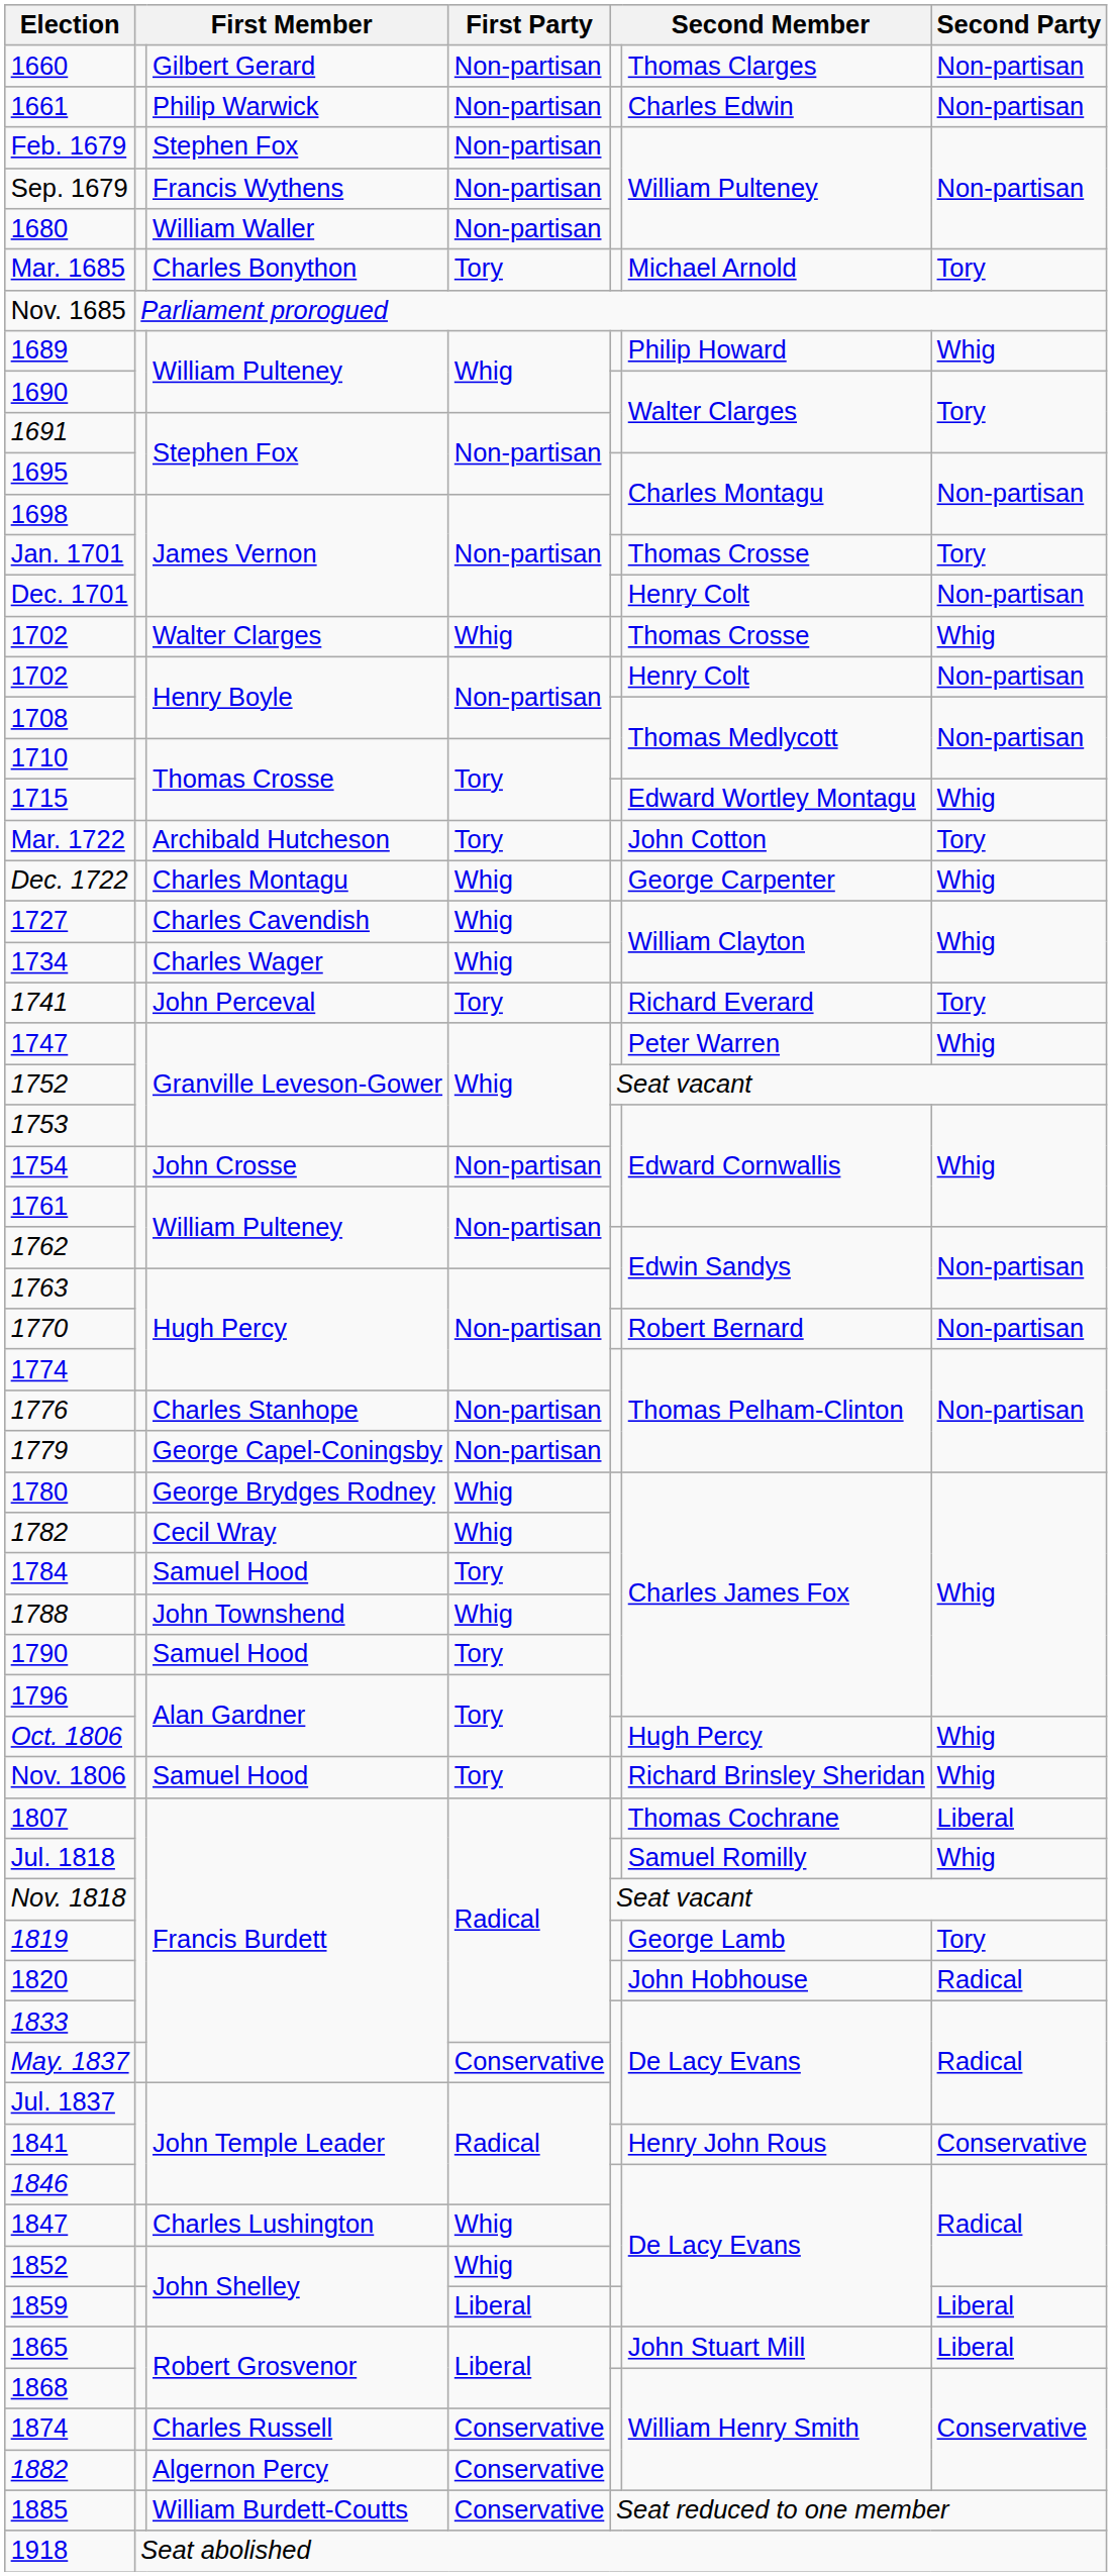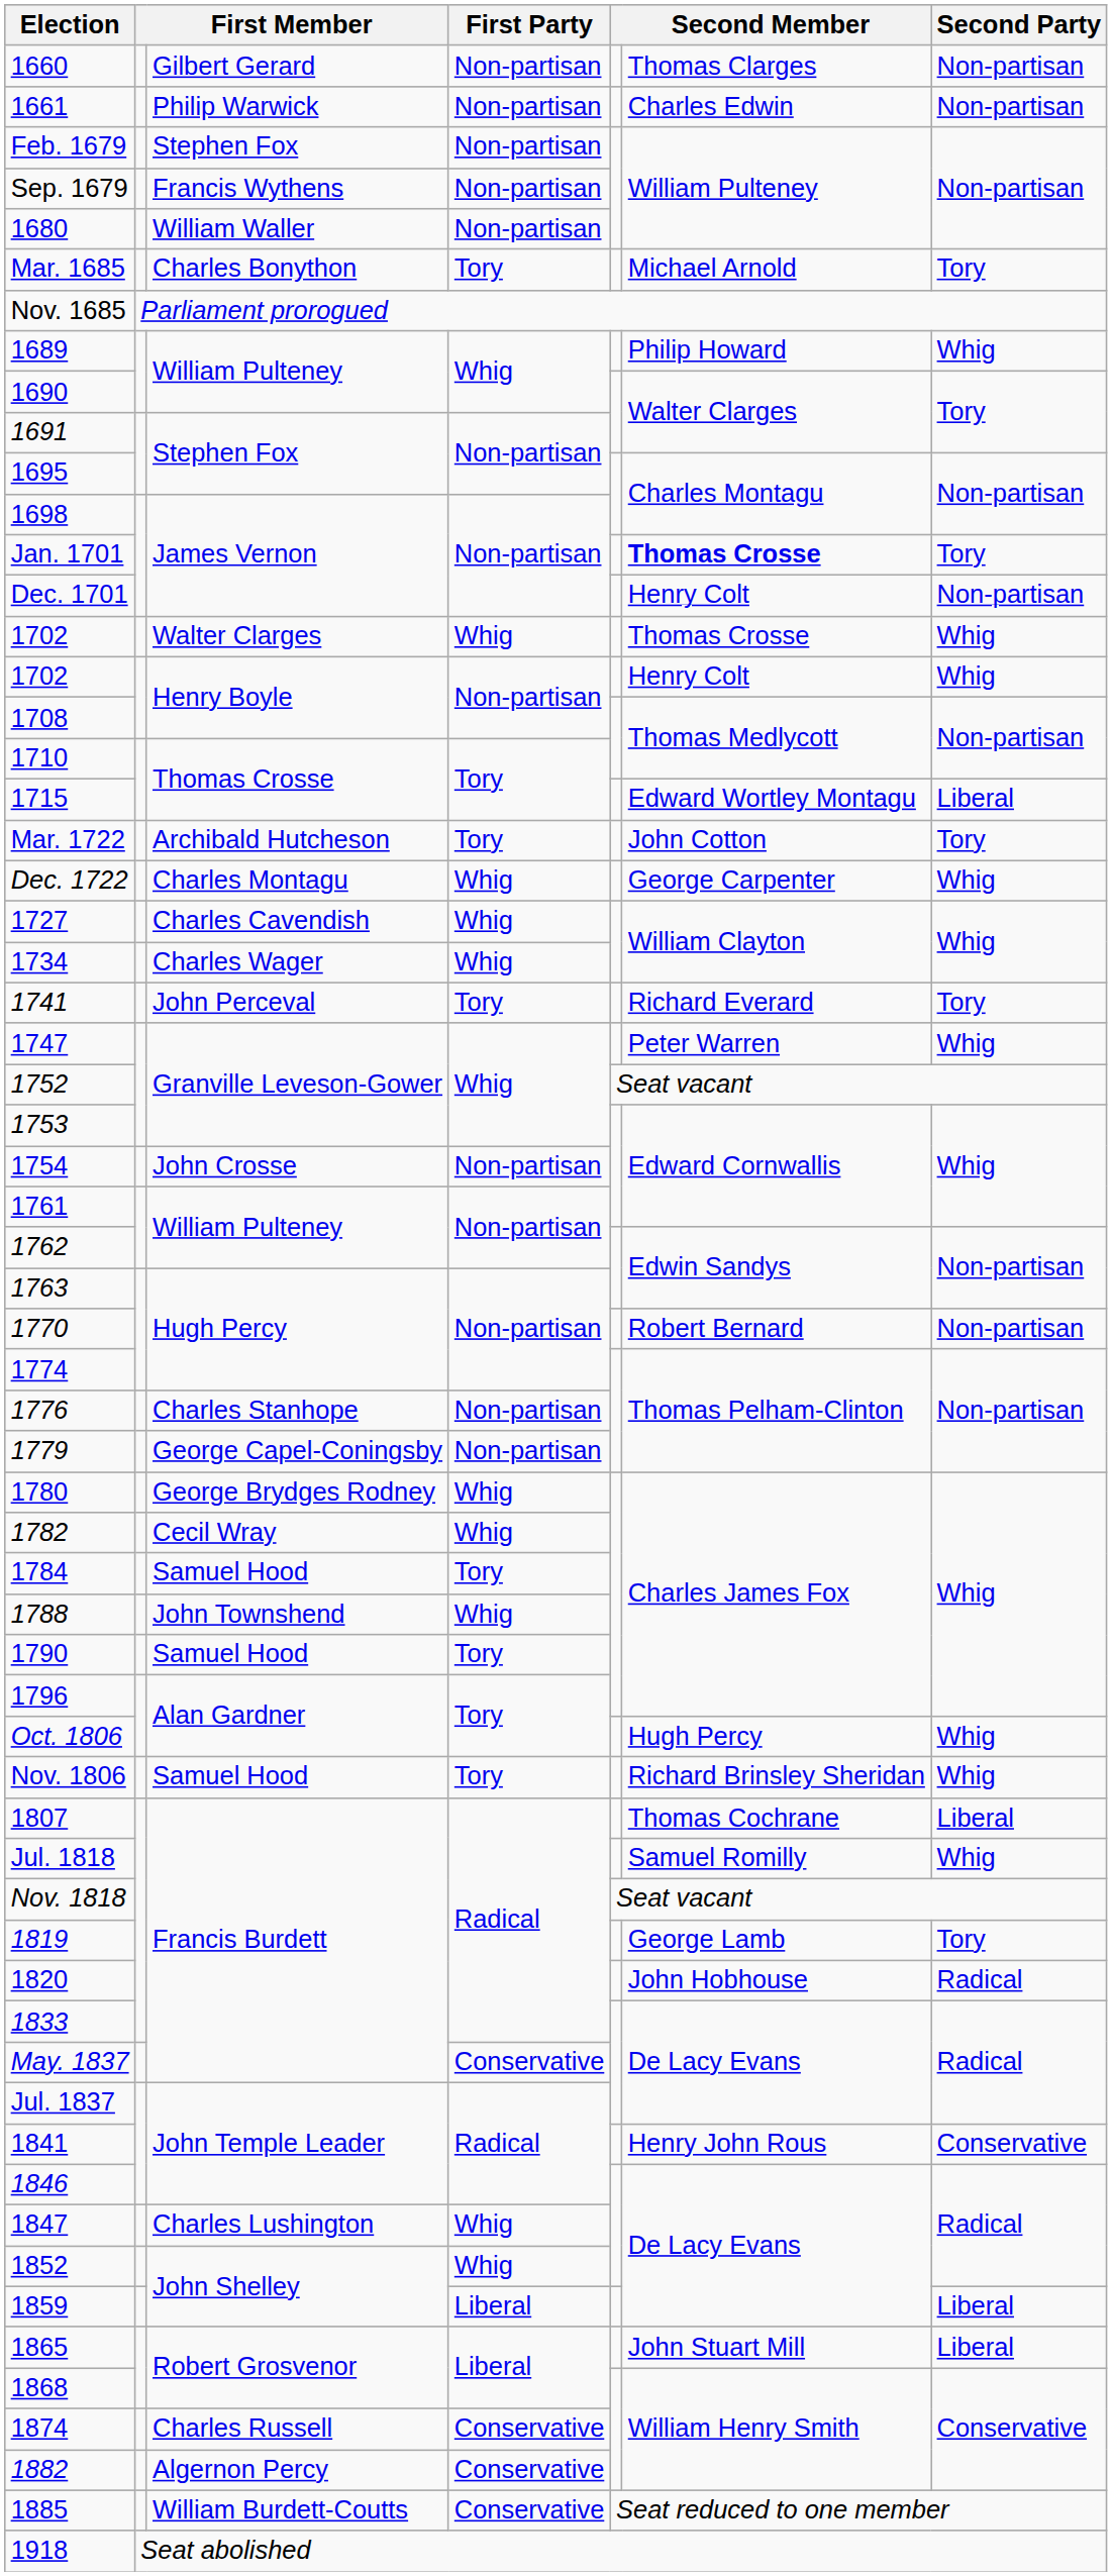 <table class="wikitable">
 <tr>
 <th>Election</th>
 <th colspan="2">First Member</th>
 <th>First Party</th>
 <th colspan="2">Second Member</th>
 <th>Second Party</th>
 </tr>
 <tr>
 <td><a href='#'>1660</a></td>
 <td style="color:inherit;background-color: "></td>
 <td><a href='#'>Gilbert Gerard</a></td>
 <td><a href='#'>Non-partisan</a></td>
 <td style="color:inherit;background-color: "></td>
 <td><a href='#'>Thomas Clarges</a></td>
 <td><a href='#'>Non-partisan</a></td>
 </tr>
 <tr>
 <td><a href='#'>1661</a></td>
 <td style="color:inherit;background-color: "></td>
 <td><a href='#'>Philip Warwick</a></td>
 <td><a href='#'>Non-partisan</a></td>
 <td style="color:inherit;background-color: "></td>
 <td><a href='#'>Charles Edwin</a></td>
 <td><a href='#'>Non-partisan</a></td>
 </tr>
 <tr>
 <td><a href='#'>Feb. 1679</a></td>
 <td style="color:inherit;background-color: "></td>
 <td><a href='#'>Stephen Fox</a></td>
 <td><a href='#'>Non-partisan</a></td>
 <td rowspan="3" style="color:inherit;background-color: "></td>
 <td rowspan="3"><a href='#'>William Pulteney</a></td>
 <td rowspan="3"><a href='#'>Non-partisan</a></td>
 </tr>
 <tr>
 <td>Sep. 1679</td>
 <td style="color:inherit;background-color: "></td>
 <td><a href='#'>Francis Wythens</a></td>
 <td><a href='#'>Non-partisan</a></td>
 </tr>
 <tr>
 <td><a href='#'>1680</a></td>
 <td style="color:inherit;background-color: "></td>
 <td><a href='#'>William Waller</a></td>
 <td><a href='#'>Non-partisan</a></td>
 </tr>
 <tr>
 <td><a href='#'>Mar. 1685</a></td>
 <td style="color:inherit;background-color: "></td>
 <td><a href='#'>Charles Bonython</a></td>
 <td><a href='#'>Tory</a></td>
 <td style="color:inherit;background-color: "></td>
 <td><a href='#'>Michael Arnold</a></td>
 <td><a href='#'>Tory</a></td>
 </tr>
 <tr>
 <td>Nov. 1685</td>
 <td colspan="6"><em><a href='#'>Parliament prorogued</a></em></td>
 </tr>
 <tr>
 <td><a href='#'>1689</a></td>
 <td rowspan="2" style="color:inherit;background-color: "></td>
 <td rowspan="2"><a href='#'>William Pulteney</a></td>
 <td rowspan="2"><a href='#'>Whig</a></td>
 <td style="color:inherit;background-color: "></td>
 <td><a href='#'>Philip Howard</a></td>
 <td><a href='#'>Whig</a></td>
 </tr>
 <tr>
 <td><a href='#'>1690</a></td>
 <td rowspan="2" style="color:inherit;background-color: "></td>
 <td rowspan="2"><a href='#'>Walter Clarges</a></td>
 <td rowspan="2"><a href='#'>Tory</a></td>
 </tr>
 <tr>
 <td><em>1691</em></td>
 <td rowspan="2" style="color:inherit;background-color: "></td>
 <td rowspan="2"><a href='#'>Stephen Fox</a></td>
 <td rowspan="2"><a href='#'>Non-partisan</a></td>
 </tr>
 <tr>
 <td><a href='#'>1695</a></td>
 <td rowspan="2" style="color:inherit;background-color: "></td>
 <td rowspan="2"><a href='#'>Charles Montagu</a></td>
 <td rowspan="2"><a href='#'>Non-partisan</a></td>
 </tr>
 <tr>
 <td><a href='#'>1698</a></td>
 <td rowspan="3" style="color:inherit;background-color: "></td>
 <td rowspan="3"><a href='#'>James Vernon</a></td>
 <td rowspan="3"><a href='#'>Non-partisan</a></td>
 </tr>
 <tr>
 <td><a href='#'>Jan. 1701</a></td>
 <td style="color:inherit;background-color: "></td>
-<td><a href='#'>Thomas Crosse</a></td>
+<td><strong><a href='#'>Thomas Crosse</a></strong></td>
 <td><a href='#'>Tory</a></td>
 </tr>
 <tr>
 <td><a href='#'>Dec. 1701</a></td>
 <td style="color:inherit;background-color: "></td>
 <td><a href='#'>Henry Colt</a></td>
 <td><a href='#'>Non-partisan</a></td>
 </tr>
 <tr>
 <td><a href='#'>1702</a></td>
 <td style="color:inherit;background-color: "></td>
 <td><a href='#'>Walter Clarges</a></td>
 <td><a href='#'>Whig</a></td>
 <td style="color:inherit;background-color: "></td>
 <td><a href='#'>Thomas Crosse</a></td>
 <td><a href='#'>Whig</a></td>
 </tr>
 <tr>
 <td><a href='#'>1702</a></td>
 <td rowspan="2" style="color:inherit;background-color: "></td>
 <td rowspan="2"><a href='#'>Henry Boyle</a></td>
 <td rowspan="2"><a href='#'>Non-partisan</a></td>
 <td style="color:inherit;background-color: "></td>
 <td><a href='#'>Henry Colt</a></td>
-<td><a href='#'>Non-partisan</a></td>
+<td><a href='#'>Whig</a></td>
 </tr>
 <tr>
 <td><a href='#'>1708</a></td>
 <td rowspan="2" style="color:inherit;background-color: "></td>
 <td rowspan="2"><a href='#'>Thomas Medlycott</a></td>
 <td rowspan="2"><a href='#'>Non-partisan</a></td>
 </tr>
 <tr>
 <td><a href='#'>1710</a></td>
 <td rowspan="2" style="color:inherit;background-color: "></td>
 <td rowspan="2"><a href='#'>Thomas Crosse</a></td>
 <td rowspan="2"><a href='#'>Tory</a></td>
 </tr>
 <tr>
 <td><a href='#'>1715</a></td>
 <td style="color:inherit;background-color: "></td>
 <td><a href='#'>Edward Wortley Montagu</a></td>
-<td><a href='#'>Whig</a></td>
+<td><a href='#'>Liberal</a></td>
 </tr>
 <tr>
 <td><a href='#'>Mar. 1722</a></td>
 <td style="color:inherit;background-color: "></td>
 <td><a href='#'>Archibald Hutcheson</a></td>
 <td><a href='#'>Tory</a></td>
 <td style="color:inherit;background-color: "></td>
 <td><a href='#'>John Cotton</a></td>
 <td><a href='#'>Tory</a></td>
 </tr>
 <tr>
 <td><em>Dec. 1722</em></td>
 <td style="color:inherit;background-color: "></td>
 <td><a href='#'>Charles Montagu</a></td>
 <td><a href='#'>Whig</a></td>
 <td style="color:inherit;background-color: "></td>
 <td><a href='#'>George Carpenter</a></td>
 <td><a href='#'>Whig</a></td>
 </tr>
 <tr>
 <td><a href='#'>1727</a></td>
 <td style="color:inherit;background-color: "></td>
 <td><a href='#'>Charles Cavendish</a></td>
 <td><a href='#'>Whig</a></td>
 <td rowspan="2" style="color:inherit;background-color: "></td>
 <td rowspan="2"><a href='#'>William Clayton</a></td>
 <td rowspan="2"><a href='#'>Whig</a></td>
 </tr>
 <tr>
 <td><a href='#'>1734</a></td>
 <td style="color:inherit;background-color: "></td>
 <td><a href='#'>Charles Wager</a></td>
 <td><a href='#'>Whig</a></td>
 </tr>
 <tr>
 <td><em>1741</em></td>
 <td style="color:inherit;background-color: "></td>
 <td><a href='#'>John Perceval</a></td>
 <td><a href='#'>Tory</a></td>
 <td style="color:inherit;background-color: "></td>
 <td><a href='#'>Richard Everard</a></td>
 <td><a href='#'>Tory</a></td>
 </tr>
 <tr>
 <td><a href='#'>1747</a></td>
 <td rowspan="3" style="color:inherit;background-color: "></td>
 <td rowspan="3"><a href='#'>Granville Leveson-Gower</a></td>
 <td rowspan="3"><a href='#'>Whig</a></td>
 <td style="color:inherit;background-color: "></td>
 <td><a href='#'>Peter Warren</a></td>
 <td><a href='#'>Whig</a></td>
 </tr>
 <tr>
 <td><em>1752</em></td>
 <td colspan="3"><em>Seat vacant</em></td>
 </tr>
 <tr>
 <td><em>1753</em></td>
 <td rowspan="3" style="color:inherit;background-color: "></td>
 <td rowspan="3"><a href='#'>Edward Cornwallis</a></td>
 <td rowspan="3"><a href='#'>Whig</a></td>
 </tr>
 <tr>
 <td><a href='#'>1754</a></td>
 <td style="color:inherit;background-color: "></td>
 <td><a href='#'>John Crosse</a></td>
 <td><a href='#'>Non-partisan</a></td>
 </tr>
 <tr>
 <td><a href='#'>1761</a></td>
 <td rowspan="2" style="color:inherit;background-color: "></td>
 <td rowspan="2"><a href='#'>William Pulteney</a></td>
 <td rowspan="2"><a href='#'>Non-partisan</a></td>
 </tr>
 <tr>
 <td><em>1762</em></td>
 <td rowspan="2" style="color:inherit;background-color: "></td>
 <td rowspan="2"><a href='#'>Edwin Sandys</a></td>
 <td rowspan="2"><a href='#'>Non-partisan</a></td>
 </tr>
 <tr>
 <td><em>1763</em></td>
 <td rowspan="3" style="color:inherit;background-color: "></td>
 <td rowspan="3"><a href='#'>Hugh Percy</a></td>
 <td rowspan="3"><a href='#'>Non-partisan</a></td>
 </tr>
 <tr>
 <td><em>1770</em></td>
 <td style="color:inherit;background-color: "></td>
 <td><a href='#'>Robert Bernard</a></td>
 <td><a href='#'>Non-partisan</a></td>
 </tr>
 <tr>
 <td><a href='#'>1774</a></td>
 <td rowspan="3" style="color:inherit;background-color: "></td>
 <td rowspan="3"><a href='#'>Thomas Pelham-Clinton</a></td>
 <td rowspan="3"><a href='#'>Non-partisan</a></td>
 </tr>
 <tr>
 <td><em>1776</em></td>
 <td style="color:inherit;background-color: "></td>
 <td><a href='#'>Charles Stanhope</a></td>
 <td><a href='#'>Non-partisan</a></td>
 </tr>
 <tr>
 <td><em>1779</em></td>
 <td style="color:inherit;background-color: "></td>
 <td><a href='#'>George Capel-Coningsby</a></td>
 <td><a href='#'>Non-partisan</a></td>
 </tr>
 <tr>
 <td><a href='#'>1780</a></td>
 <td style="color:inherit;background-color: "></td>
 <td><a href='#'>George Brydges Rodney</a></td>
 <td><a href='#'>Whig</a></td>
 <td rowspan="6" style="color:inherit;background-color: "></td>
 <td rowspan="6"><a href='#'>Charles James Fox</a></td>
 <td rowspan="6"><a href='#'>Whig</a></td>
 </tr>
 <tr>
 <td><em>1782</em></td>
 <td style="color:inherit;background-color: "></td>
 <td><a href='#'>Cecil Wray</a></td>
 <td><a href='#'>Whig</a></td>
 </tr>
 <tr>
 <td><a href='#'>1784</a></td>
 <td style="color:inherit;background-color: "></td>
 <td><a href='#'>Samuel Hood</a></td>
 <td><a href='#'>Tory</a></td>
 </tr>
 <tr>
 <td><em>1788</em></td>
 <td style="color:inherit;background-color: "></td>
 <td><a href='#'>John Townshend</a></td>
 <td><a href='#'>Whig</a></td>
 </tr>
 <tr>
 <td><a href='#'>1790</a></td>
 <td style="color:inherit;background-color: "></td>
 <td><a href='#'>Samuel Hood</a></td>
 <td><a href='#'>Tory</a></td>
 </tr>
 <tr>
 <td><a href='#'>1796</a></td>
 <td rowspan="2" style="color:inherit;background-color: "></td>
 <td rowspan="2"><a href='#'>Alan Gardner</a></td>
 <td rowspan="2"><a href='#'>Tory</a></td>
 </tr>
 <tr>
 <td><em><a href='#'>Oct. 1806</a></em></td>
 <td style="color:inherit;background-color: "></td>
 <td><a href='#'>Hugh Percy</a></td>
 <td><a href='#'>Whig</a></td>
 </tr>
 <tr>
 <td><a href='#'>Nov. 1806</a></td>
 <td style="color:inherit;background-color: "></td>
 <td><a href='#'>Samuel Hood</a></td>
 <td><a href='#'>Tory</a></td>
 <td style="color:inherit;background-color: "></td>
 <td><a href='#'>Richard Brinsley Sheridan</a></td>
 <td><a href='#'>Whig</a></td>
 </tr>
 <tr>
 <td><a href='#'>1807</a></td>
 <td rowspan="6" style="color:inherit;background-color: "></td>
 <td rowspan="7"><a href='#'>Francis Burdett</a></td>
 <td rowspan="6"><a href='#'>Radical</a></td>
 <td style="color:inherit;background-color: "></td>
 <td><a href='#'>Thomas Cochrane</a></td>
 <td><a href='#'>Liberal</a></td>
 </tr>
 <tr>
 <td><a href='#'>Jul. 1818</a></td>
 <td style="color:inherit;background-color: "></td>
 <td><a href='#'>Samuel Romilly</a></td>
 <td><a href='#'>Whig</a></td>
 </tr>
 <tr>
 <td><em>Nov. 1818</em></td>
 <td colspan="3"><em>Seat vacant</em></td>
 </tr>
 <tr>
 <td><em><a href='#'>1819</a></em></td>
 <td style="color:inherit;background-color: "></td>
 <td><a href='#'>George Lamb</a></td>
 <td><a href='#'>Tory</a></td>
 </tr>
 <tr>
 <td><a href='#'>1820</a></td>
 <td style="color:inherit;background-color: "></td>
 <td><a href='#'>John Hobhouse</a></td>
 <td><a href='#'>Radical</a></td>
 </tr>
 <tr>
 <td><em><a href='#'>1833</a></em></td>
 <td rowspan="3" style="color:inherit;background-color: "></td>
 <td rowspan="3"><a href='#'>De Lacy Evans</a></td>
 <td rowspan="3"><a href='#'>Radical</a></td>
 </tr>
 <tr>
 <td><em><a href='#'>May. 1837</a></em></td>
 <td style="color:inherit;background-color: "></td>
 <td><a href='#'>Conservative</a></td>
 </tr>
 <tr>
 <td><a href='#'>Jul. 1837</a></td>
 <td rowspan="3" style="color:inherit;background-color: "></td>
 <td rowspan="3"><a href='#'>John Temple Leader</a></td>
 <td rowspan="3"><a href='#'>Radical</a></td>
 </tr>
 <tr>
 <td><a href='#'>1841</a></td>
 <td style="color:inherit;background-color: "></td>
 <td><a href='#'>Henry John Rous</a></td>
 <td><a href='#'>Conservative</a></td>
 </tr>
 <tr>
 <td><em><a href='#'>1846</a></em></td>
 <td rowspan="3" style="color:inherit;background-color: "></td>
 <td rowspan="4"><a href='#'>De Lacy Evans</a></td>
 <td rowspan="3"><a href='#'>Radical</a></td>
 </tr>
 <tr>
 <td><a href='#'>1847</a></td>
 <td style="color:inherit;background-color: "></td>
 <td><a href='#'>Charles Lushington</a></td>
 <td><a href='#'>Whig</a></td>
 </tr>
 <tr>
 <td><a href='#'>1852</a></td>
 <td style="color:inherit;background-color: "></td>
 <td rowspan="2"><a href='#'>John Shelley</a></td>
 <td><a href='#'>Whig</a></td>
 </tr>
 <tr>
 <td><a href='#'>1859</a></td>
 <td style="color:inherit;background-color: "></td>
 <td><a href='#'>Liberal</a></td>
 <td style="color:inherit;background-color: "></td>
 <td><a href='#'>Liberal</a></td>
 </tr>
 <tr>
 <td><a href='#'>1865</a></td>
 <td rowspan="2" style="color:inherit;background-color: "></td>
 <td rowspan="2"><a href='#'>Robert Grosvenor</a></td>
 <td rowspan="2"><a href='#'>Liberal</a></td>
 <td style="color:inherit;background-color: "></td>
 <td><a href='#'>John Stuart Mill</a></td>
 <td><a href='#'>Liberal</a></td>
 </tr>
 <tr>
 <td><a href='#'>1868</a></td>
 <td rowspan="3" style="color:inherit;background-color: "></td>
 <td rowspan="3"><a href='#'>William Henry Smith</a></td>
 <td rowspan="3"><a href='#'>Conservative</a></td>
 </tr>
 <tr>
 <td><a href='#'>1874</a></td>
 <td style="color:inherit;background-color: "></td>
 <td><a href='#'>Charles Russell</a></td>
 <td><a href='#'>Conservative</a></td>
 </tr>
 <tr>
 <td><em><a href='#'>1882</a></em></td>
 <td style="color:inherit;background-color: "></td>
 <td><a href='#'>Algernon Percy</a></td>
 <td><a href='#'>Conservative</a></td>
 </tr>
 <tr>
 <td><a href='#'>1885</a></td>
 <td style="color:inherit;background-color: "></td>
 <td><a href='#'>William Burdett-Coutts</a></td>
 <td><a href='#'>Conservative</a></td>
 <td colspan="3"><em>Seat reduced to one member</em></td>
 </tr>
 <tr>
 <td><a href='#'>1918</a></td>
 <td colspan="6"><em>Seat abolished</em></td>
 </tr>
 </table>
